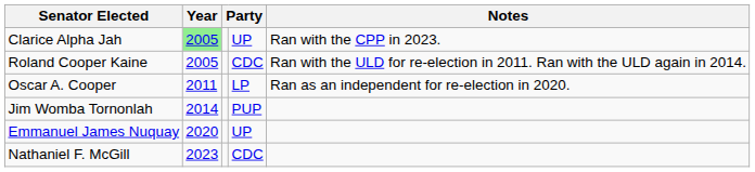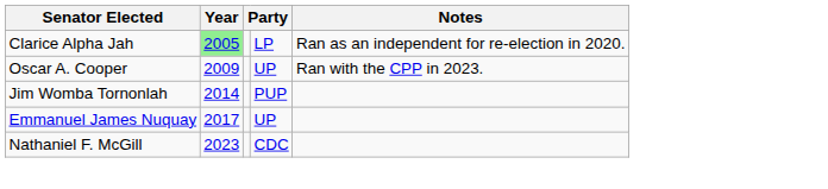 <table class="wikitable">
 <tr>
 <th>Senator Elected</th>
 <th>Year</th>
 <th colspan=2>Party</th>
 <th>Notes</th>
 </tr>
 <tr>
 <td>Clarice Alpha Jah</td>
 <td style="background: lightgreen;"><a href='#'>2005</a></td>
 <td></td>
-<td><a href='#'>UP</a></td>
-<td>Ran with the <a href='#'>CPP</a> in 2023.</td>
-</tr>
-<tr>
-<td>Roland Cooper Kaine</td>
-<td><a href='#'>2005</a></td>
-<td></td>
-<td><a href='#'>CDC</a></td>
-<td>Ran with the <a href='#'>ULD</a> for re-election in 2011. Ran with the ULD again in 2014.</td>
+<td><a href='#'>LP</a></td>
+<td>Ran as an independent for re-election in 2020.</td>
 </tr>
 <tr>
 <td>Oscar A. Cooper</td>
-<td><a href='#'>2011</a></td>
+<td><a href='#'>2009</a></td>
 <td></td>
-<td><a href='#'>LP</a></td>
-<td>Ran as an independent for re-election in 2020.</td>
+<td><a href='#'>UP</a></td>
+<td>Ran with the <a href='#'>CPP</a> in 2023.</td>
 </tr>
 <tr>
 <td>Jim Womba Tornonlah</td>
 <td><a href='#'>2014</a></td>
 <td></td>
 <td><a href='#'>PUP</a></td>
 <td></td>
 </tr>
 <tr>
 <td><a href='#'>Emmanuel James Nuquay</a></td>
-<td><a href='#'>2020</a></td>
+<td><a href='#'>2017</a></td>
 <td></td>
 <td><a href='#'>UP</a></td>
 <td></td>
 </tr>
 <tr>
 <td>Nathaniel F. McGill</td>
 <td><a href='#'>2023</a></td>
 <td></td>
 <td><a href='#'>CDC</a></td>
 <td></td>
 </tr>
 </table>
